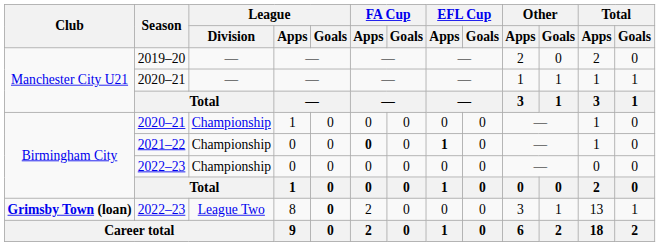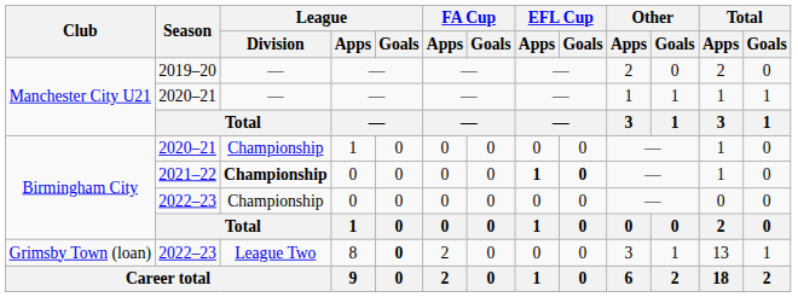 <table class=wikitable style=text-align:center>
 <tr>
 <th rowspan=2>Club</th>
 <th rowspan=2>Season</th>
 <th colspan=3>League</th>
 <th colspan=2><a href='#'>FA Cup</a></th>
 <th colspan=2><a href='#'>EFL Cup</a></th>
 <th colspan=2>Other</th>
 <th colspan=2>Total</th>
 </tr>
 <tr>
 <th>Division</th>
 <th>Apps</th>
 <th>Goals</th>
 <th>Apps</th>
 <th>Goals</th>
 <th>Apps</th>
 <th>Goals</th>
 <th>Apps</th>
 <th>Goals</th>
 <th>Apps</th>
 <th>Goals</th>
 </tr>
 <tr>
 <td rowspan=3><a href='#'>Manchester City U21</a></td>
 <td>2019–20</td>
 <td colspan=1>—</td>
 <td colspan=2>—</td>
 <td colspan=2>—</td>
 <td colspan=2>—</td>
 <td>2</td>
 <td>0</td>
 <td>2</td>
 <td>0</td>
 </tr>
 <tr>
 <td>2020–21</td>
 <td colspan=1>—</td>
 <td colspan=2>—</td>
 <td colspan=2>—</td>
 <td colspan=2>—</td>
 <td>1</td>
 <td>1</td>
 <td>1</td>
 <td>1</td>
 </tr>
 <tr>
 <th colspan=2>Total</th>
 <th colspan=2>—</th>
 <th colspan=2>—</th>
 <th colspan=2>—</th>
 <th>3</th>
 <th>1</th>
 <th>3</th>
 <th>1</th>
 </tr>
 <tr>
 <td rowspan=4><a href='#'>Birmingham City</a></td>
 <td><a href='#'>2020–21</a></td>
 <td><a href='#'>Championship</a></td>
 <td>1</td>
 <td>0</td>
 <td>0</td>
 <td>0</td>
 <td>0</td>
 <td>0</td>
 <td colspan=2>—</td>
 <td>1</td>
 <td>0</td>
 </tr>
 <tr>
 <td><a href='#'>2021–22</a></td>
-<td>Championship</td>
+<td><strong>Championship</strong></td>
 <td>0</td>
 <td>0</td>
-<td><strong>0</strong></td>
+<td>0</td>
 <td>0</td>
 <td><strong>1</strong></td>
-<td>0</td>
+<td><strong>0</strong></td>
 <td colspan=2>—</td>
 <td>1</td>
 <td>0</td>
 </tr>
 <tr>
 <td><a href='#'>2022–23</a></td>
 <td>Championship</td>
 <td>0</td>
 <td>0</td>
 <td>0</td>
 <td>0</td>
 <td>0</td>
 <td>0</td>
 <td colspan="2">—</td>
 <td>0</td>
 <td>0</td>
 </tr>
 <tr>
 <th colspan=2>Total</th>
 <th>1</th>
 <th>0</th>
 <th>0</th>
 <th>0</th>
 <th>1</th>
 <th>0</th>
 <th>0</th>
 <th>0</th>
 <th>2</th>
 <th>0</th>
 </tr>
 <tr>
-<td><strong><a href='#'>Grimsby Town</a> (loan)</strong></td>
+<td><a href='#'>Grimsby Town</a> (loan)</td>
 <td><a href='#'>2022–23</a></td>
 <td><a href='#'>League Two</a></td>
 <td>8</td>
 <td><strong>0</strong></td>
 <td>2</td>
 <td>0</td>
 <td>0</td>
 <td>0</td>
 <td>3</td>
 <td>1</td>
 <td>13</td>
 <td>1</td>
 </tr>
 <tr>
 <th colspan=3>Career total</th>
 <th>9</th>
 <th>0</th>
 <th>2</th>
 <th>0</th>
 <th>1</th>
 <th>0</th>
 <th>6</th>
 <th>2</th>
 <th>18</th>
 <th>2</th>
 </tr>
 </table>
